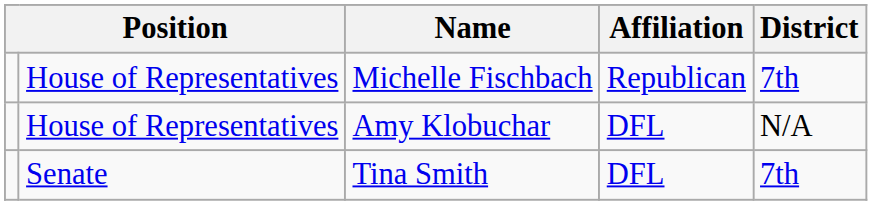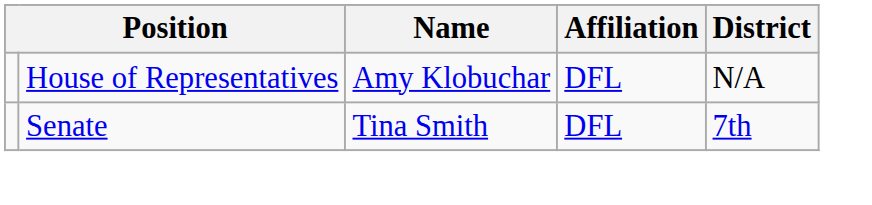 <table class="wikitable">
 <tr>
 <th colspan="2">Position</th>
 <th>Name</th>
 <th>Affiliation</th>
 <th>District</th>
-</tr>
-<tr>
-<td style="background-color:"></td>
-<td><a href='#'>House of Representatives</a></td>
-<td><a href='#'>Michelle Fischbach</a></td>
-<td><a href='#'>Republican</a></td>
-<td><a href='#'>7th</a></td>
 </tr>
 <tr>
 <td style="background-color:"></td>
 <td><a href='#'>House of Representatives</a></td>
 <td><a href='#'>Amy Klobuchar</a></td>
 <td><a href='#'>DFL</a></td>
 <td>N/A</td>
 </tr>
 <tr>
 <td style="background-color:"></td>
 <td><a href='#'>Senate</a></td>
 <td><a href='#'>Tina Smith</a></td>
 <td><a href='#'>DFL</a></td>
 <td><a href='#'>7th</a></td>
 </tr>
 </table>
